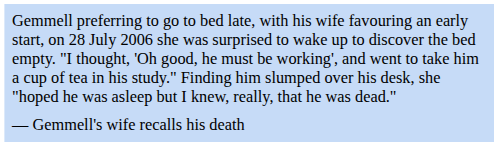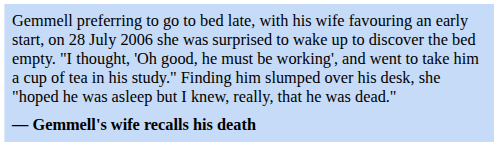 <table class="toccolours" style="float: right; margin-left: 2em; margin-right: 1em; font-size: 85%; background:#c6dbf7; color:black; width:30em; max-width: 40%;" cellspacing="5">
 <tr>
 <td style="text-align: left;">Gemmell preferring to go to bed late, with his wife favouring an early start, on 28 July 2006 she was surprised to wake up to discover the bed empty. "I thought, 'Oh good, he must be working', and went to take him a cup of tea in his study." Finding him slumped over his desk, she "hoped he was asleep but I knew, really, that he was dead."</td>
 </tr>
 <tr>
-<td style="text-align: left;">— Gemmell's wife recalls his death</td>
+<td style="text-align: left;"><strong>— Gemmell's wife recalls his death</strong></td>
 </tr>
 </table>
